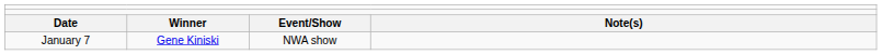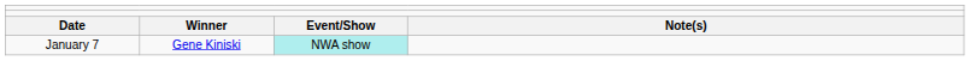 <table class="wikitable" style="text-align:center; width:100%;">
 <tr>
 <td colspan="5"></td>
 </tr>
 <tr>
 <td colspan="5"><strong></strong></td>
 </tr>
 <tr>
 <th width=14%>Date</th>
 <th width=14%>Winner</th>
 <th width=14%>Event/Show</th>
 <th width=58%>Note(s)</th>
 </tr>
 <tr>
 <td>January 7</td>
 <td><a href='#'>Gene Kiniski</a></td>
-<td>NWA show</td>
+<td style="background: paleturquoise;">NWA show</td>
 <td align=left></td>
 </tr>
 </table>
